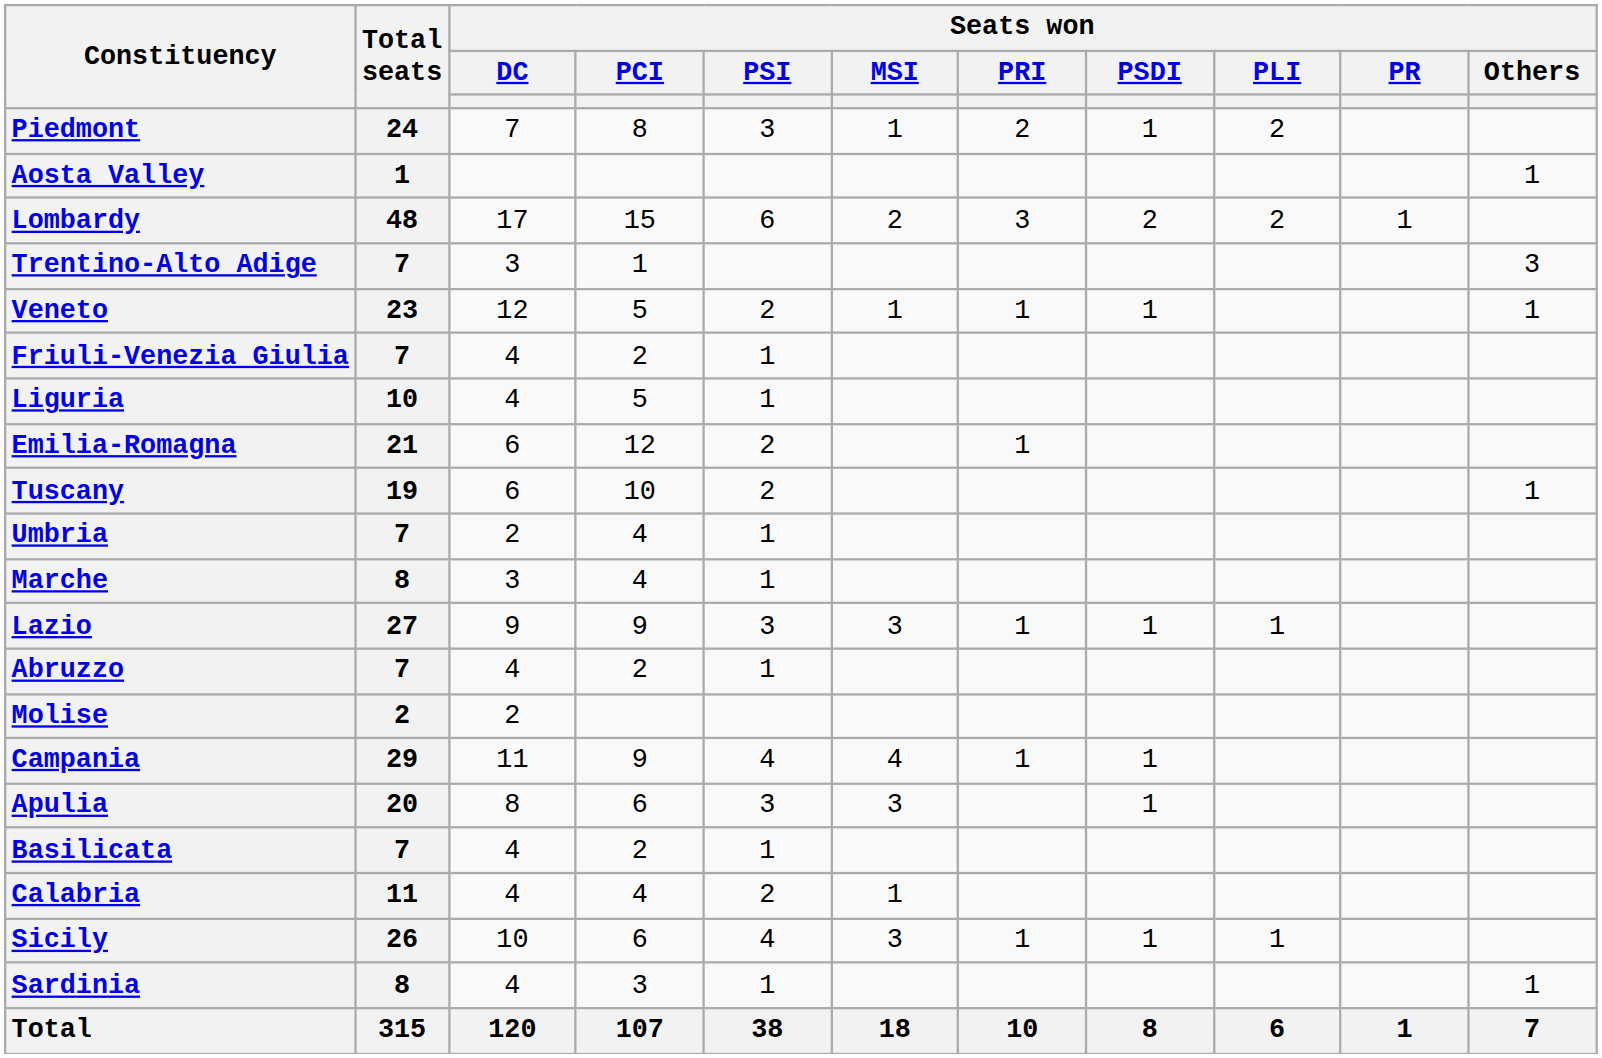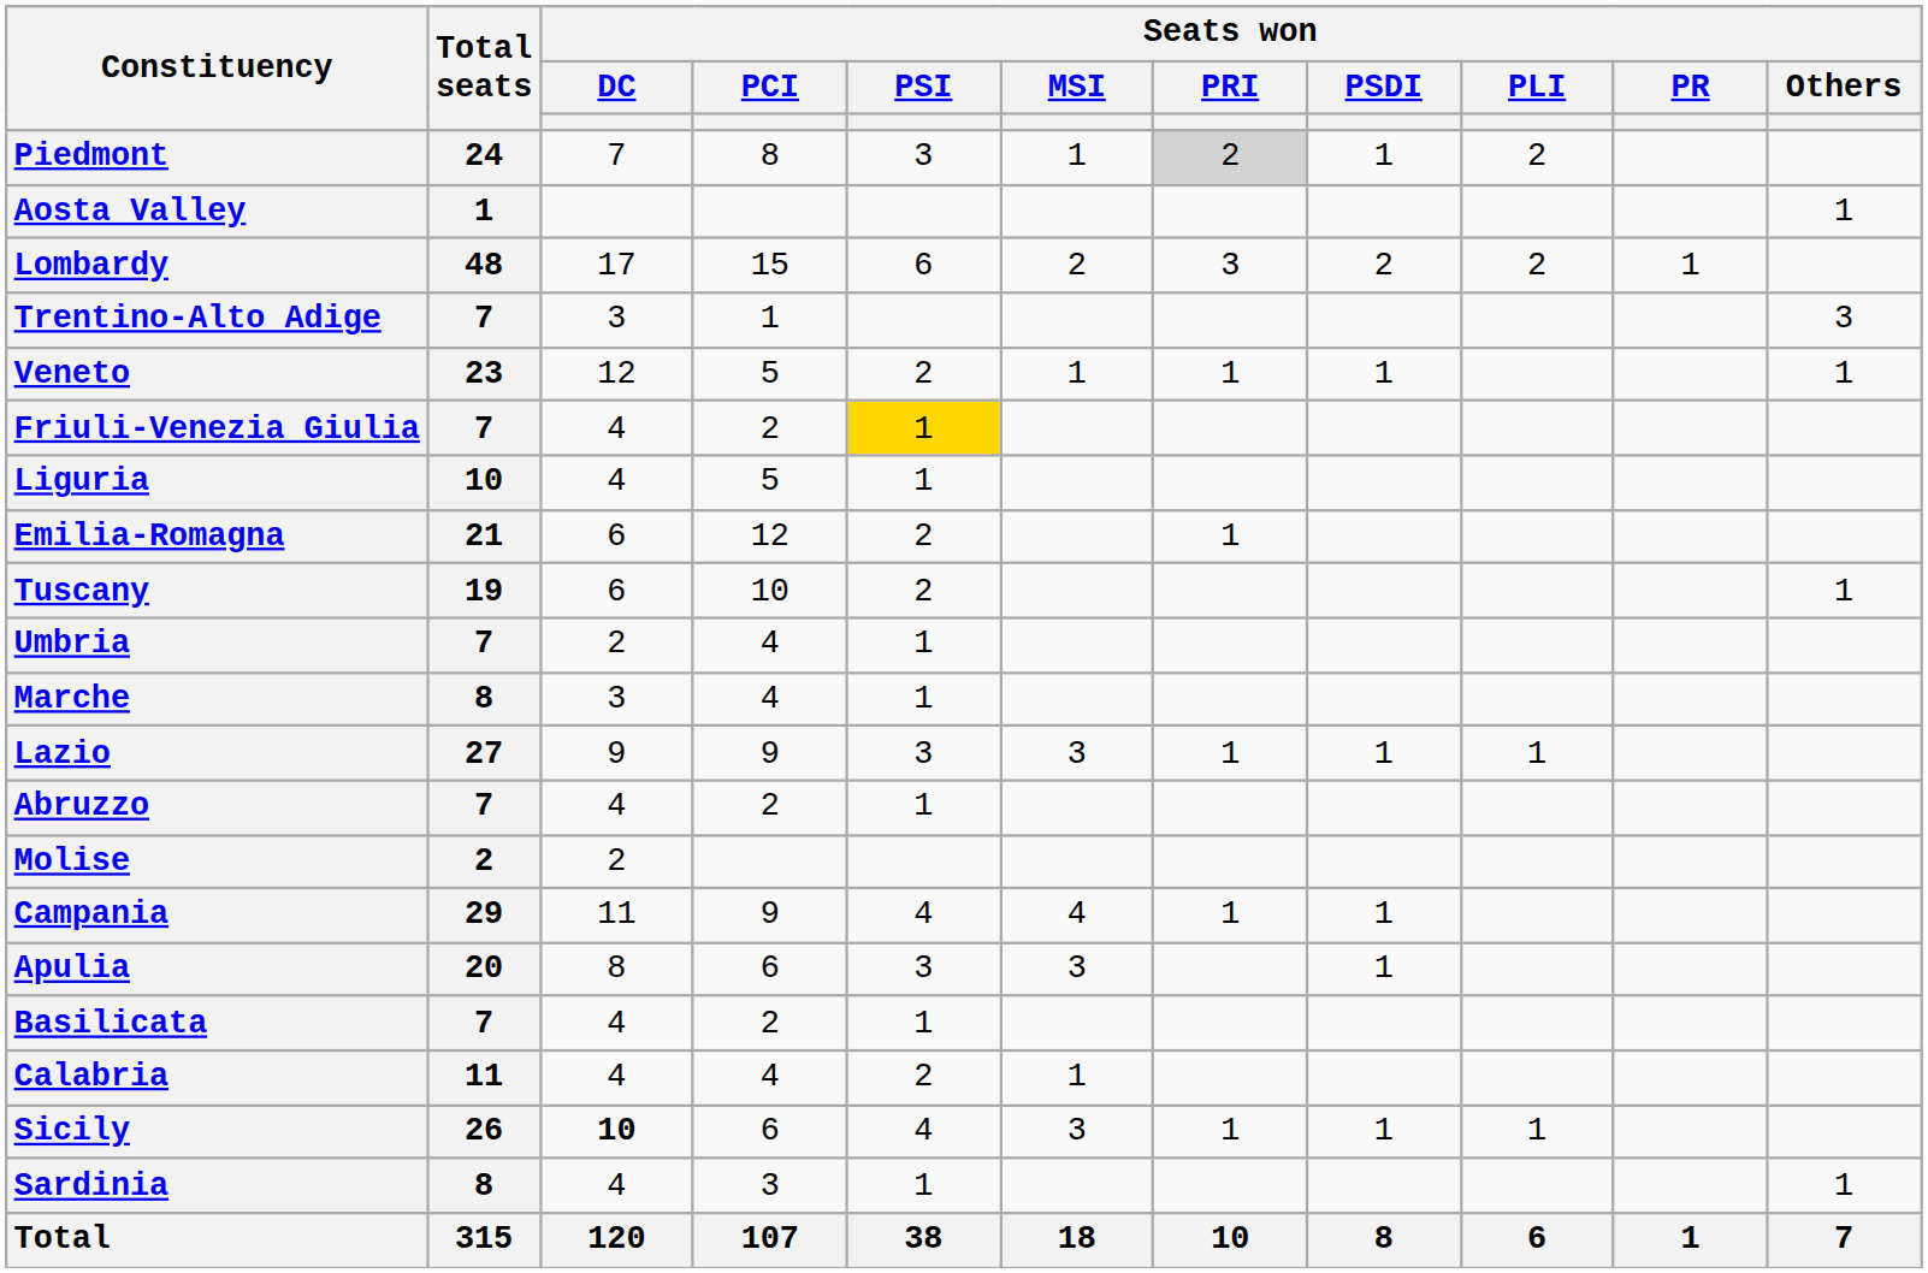 <table class="wikitable" style="text-align:center; font-size: 0.9em">
 <tr>
 <th rowspan="3">Constituency</th>
 <th rowspan="3">Total<br>seats</th>
 <th colspan="9">Seats won</th>
 </tr>
 <tr>
 <th class="unsortable" style="width:50px;"><a href='#'>DC</a></th>
 <th class="unsortable" style="width:50px;"><a href='#'>PCI</a></th>
 <th class="unsortable" style="width:50px;"><a href='#'>PSI</a></th>
 <th class="unsortable" style="width:50px;"><a href='#'>MSI</a></th>
 <th class="unsortable" style="width:50px;"><a href='#'>PRI</a></th>
 <th class="unsortable" style="width:50px;"><a href='#'>PSDI</a></th>
 <th class="unsortable" style="width:50px;"><a href='#'>PLI</a></th>
 <th class="unsortable" style="width:50px;"><a href='#'>PR</a></th>
 <th class="unsortable" style="width:50px;">Others</th>
 </tr>
 <tr>
 <th style="background:"></th>
 <th style="background:"></th>
 <th style="background:"></th>
 <th style="background:"></th>
 <th style="background:"></th>
 <th style="background:"></th>
 <th style="background:"></th>
 <th style="background:"></th>
 <th style="background:"></th>
 </tr>
 <tr>
 <th style="text-align: left;"><a href='#'>Piedmont</a></th>
 <th>24</th>
 <td>7</td>
 <td>8</td>
 <td>3</td>
 <td>1</td>
-<td>2</td>
+<td style="background: lightgrey;">2</td>
 <td>1</td>
 <td>2</td>
 <td></td>
 <td></td>
 </tr>
 <tr>
 <th style="text-align: left;"><a href='#'>Aosta Valley</a></th>
 <th>1</th>
 <td></td>
 <td></td>
 <td></td>
 <td></td>
 <td></td>
 <td></td>
 <td></td>
 <td></td>
 <td>1</td>
 </tr>
 <tr>
 <th style="text-align: left;"><a href='#'>Lombardy</a></th>
 <th>48</th>
 <td>17</td>
 <td>15</td>
 <td>6</td>
 <td>2</td>
 <td>3</td>
 <td>2</td>
 <td>2</td>
 <td>1</td>
 <td></td>
 </tr>
 <tr>
 <th style="text-align: left;"><a href='#'>Trentino-Alto Adige</a></th>
 <th>7</th>
 <td>3</td>
 <td>1</td>
 <td></td>
 <td></td>
 <td></td>
 <td></td>
 <td></td>
 <td></td>
 <td>3</td>
 </tr>
 <tr>
 <th style="text-align: left;"><a href='#'>Veneto</a></th>
 <th>23</th>
 <td>12</td>
 <td>5</td>
 <td>2</td>
 <td>1</td>
 <td>1</td>
 <td>1</td>
 <td></td>
 <td></td>
 <td>1</td>
 </tr>
 <tr>
 <th style="text-align: left;"><a href='#'>Friuli-Venezia Giulia</a></th>
 <th>7</th>
 <td>4</td>
 <td>2</td>
-<td>1</td>
+<td style="background: gold;">1</td>
 <td></td>
 <td></td>
 <td></td>
 <td></td>
 <td></td>
 <td></td>
 </tr>
 <tr>
 <th style="text-align: left;"><a href='#'>Liguria</a></th>
 <th>10</th>
 <td>4</td>
 <td>5</td>
 <td>1</td>
 <td></td>
 <td></td>
 <td></td>
 <td></td>
 <td></td>
 <td></td>
 </tr>
 <tr>
 <th style="text-align: left;"><a href='#'>Emilia-Romagna</a></th>
 <th>21</th>
 <td>6</td>
 <td>12</td>
 <td>2</td>
 <td></td>
 <td>1</td>
 <td></td>
 <td></td>
 <td></td>
 <td></td>
 </tr>
 <tr>
 <th style="text-align: left;"><a href='#'>Tuscany</a></th>
 <th>19</th>
 <td>6</td>
 <td>10</td>
 <td>2</td>
 <td></td>
 <td></td>
 <td></td>
 <td></td>
 <td></td>
 <td>1</td>
 </tr>
 <tr>
 <th style="text-align: left;"><a href='#'>Umbria</a></th>
 <th>7</th>
 <td>2</td>
 <td>4</td>
 <td>1</td>
 <td></td>
 <td></td>
 <td></td>
 <td></td>
 <td></td>
 <td></td>
 </tr>
 <tr>
 <th style="text-align: left;"><a href='#'>Marche</a></th>
 <th>8</th>
 <td>3</td>
 <td>4</td>
 <td>1</td>
 <td></td>
 <td></td>
 <td></td>
 <td></td>
 <td></td>
 <td></td>
 </tr>
 <tr>
 <th style="text-align: left;"><a href='#'>Lazio</a></th>
 <th>27</th>
 <td>9</td>
 <td>9</td>
 <td>3</td>
 <td>3</td>
 <td>1</td>
 <td>1</td>
 <td>1</td>
 <td></td>
 <td></td>
 </tr>
 <tr>
 <th style="text-align: left;"><a href='#'>Abruzzo</a></th>
 <th>7</th>
 <td>4</td>
 <td>2</td>
 <td>1</td>
 <td></td>
 <td></td>
 <td></td>
 <td></td>
 <td></td>
 <td></td>
 </tr>
 <tr>
 <th style="text-align: left;"><a href='#'>Molise</a></th>
 <th>2</th>
 <td>2</td>
 <td></td>
 <td></td>
 <td></td>
 <td></td>
 <td></td>
 <td></td>
 <td></td>
 <td></td>
 </tr>
 <tr>
 <th style="text-align: left;"><a href='#'>Campania</a></th>
 <th>29</th>
 <td>11</td>
 <td>9</td>
 <td>4</td>
 <td>4</td>
 <td>1</td>
 <td>1</td>
 <td></td>
 <td></td>
 <td></td>
 </tr>
 <tr>
 <th style="text-align: left;"><a href='#'>Apulia</a></th>
 <th>20</th>
 <td>8</td>
 <td>6</td>
 <td>3</td>
 <td>3</td>
 <td></td>
 <td>1</td>
 <td></td>
 <td></td>
 <td></td>
 </tr>
 <tr>
 <th style="text-align: left;"><a href='#'>Basilicata</a></th>
 <th>7</th>
 <td>4</td>
 <td>2</td>
 <td>1</td>
 <td></td>
 <td></td>
 <td></td>
 <td></td>
 <td></td>
 <td></td>
 </tr>
 <tr>
 <th style="text-align: left;"><a href='#'>Calabria</a></th>
 <th>11</th>
 <td>4</td>
 <td>4</td>
 <td>2</td>
 <td>1</td>
 <td></td>
 <td></td>
 <td></td>
 <td></td>
 <td></td>
 </tr>
 <tr>
 <th style="text-align: left;"><a href='#'>Sicily</a></th>
 <th>26</th>
-<td>10</td>
+<td><strong>10</strong></td>
 <td>6</td>
 <td>4</td>
 <td>3</td>
 <td>1</td>
 <td>1</td>
 <td>1</td>
 <td></td>
 <td></td>
 </tr>
 <tr>
 <th style="text-align: left;"><a href='#'>Sardinia</a></th>
 <th>8</th>
 <td>4</td>
 <td>3</td>
 <td>1</td>
 <td></td>
 <td></td>
 <td></td>
 <td></td>
 <td></td>
 <td>1</td>
 </tr>
 <tr>
 <th style="text-align: left;">Total</th>
 <th>315</th>
 <th>120</th>
 <th>107</th>
 <th>38</th>
 <th>18</th>
 <th>10</th>
 <th>8</th>
 <th>6</th>
 <th>1</th>
 <th>7</th>
 </tr>
 </table>
